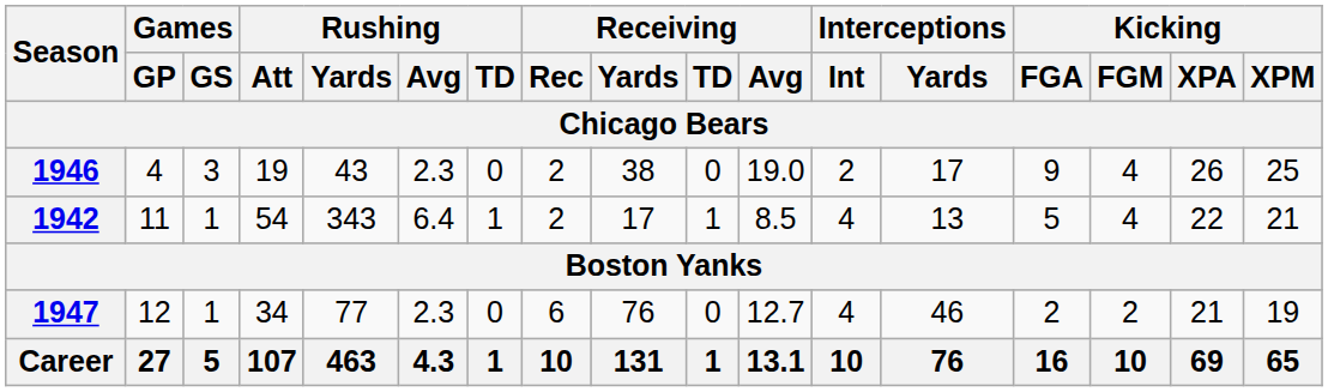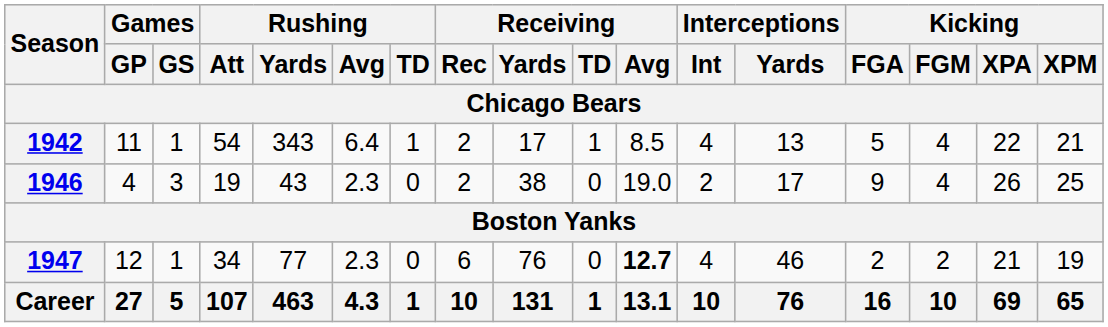 <table class="wikitable" style="text-align:center;">
 <tr>
 <th rowspan="2">Season</th>
 <th colspan="2">Games</th>
 <th colspan="4">Rushing</th>
 <th colspan="4">Receiving</th>
 <th colspan="2">Interceptions</th>
 <th colspan="4">Kicking</th>
 </tr>
 <tr>
 <th>GP</th>
 <th>GS</th>
 <th>Att</th>
 <th>Yards</th>
 <th>Avg</th>
 <th>TD</th>
 <th>Rec</th>
 <th>Yards</th>
 <th>TD</th>
 <th>Avg</th>
 <th>Int</th>
 <th>Yards</th>
 <th>FGA</th>
 <th>FGM</th>
 <th>XPA</th>
 <th>XPM</th>
 </tr>
 <tr>
 <th colspan="17">Chicago Bears</th>
 </tr>
 <tr>
+<th><a href='#'>1942</a></th>
+<td>11</td>
+<td>1</td>
+<td>54</td>
+<td>343</td>
+<td>6.4</td>
+<td>1</td>
+<td>2</td>
+<td>17</td>
+<td>1</td>
+<td>8.5</td>
+<td>4</td>
+<td>13</td>
+<td>5</td>
+<td>4</td>
+<td>22</td>
+<td>21</td>
+</tr>
+<tr>
 <th><a href='#'>1946</a></th>
 <td>4</td>
 <td>3</td>
 <td>19</td>
 <td>43</td>
 <td>2.3</td>
 <td>0</td>
 <td>2</td>
 <td>38</td>
 <td>0</td>
 <td>19.0</td>
 <td>2</td>
 <td>17</td>
 <td>9</td>
 <td>4</td>
 <td>26</td>
 <td>25</td>
 </tr>
 <tr>
-<th><a href='#'>1942</a></th>
-<td>11</td>
-<td>1</td>
-<td>54</td>
-<td>343</td>
-<td>6.4</td>
-<td>1</td>
-<td>2</td>
-<td>17</td>
-<td>1</td>
-<td>8.5</td>
-<td>4</td>
-<td>13</td>
-<td>5</td>
-<td>4</td>
-<td>22</td>
-<td>21</td>
-</tr>
-<tr>
 <th colspan="17">Boston Yanks</th>
 </tr>
 <tr>
 <th><a href='#'>1947</a></th>
 <td>12</td>
 <td>1</td>
 <td>34</td>
 <td>77</td>
 <td>2.3</td>
 <td>0</td>
 <td>6</td>
 <td>76</td>
 <td>0</td>
-<td>12.7</td>
+<td><strong>12.7</strong></td>
 <td>4</td>
 <td>46</td>
 <td>2</td>
 <td>2</td>
 <td>21</td>
 <td>19</td>
 </tr>
 <tr>
 <th>Career</th>
 <th>27</th>
 <th>5</th>
 <th>107</th>
 <th>463</th>
 <th>4.3</th>
 <th>1</th>
 <th>10</th>
 <th>131</th>
 <th>1</th>
 <th>13.1</th>
 <th>10</th>
 <th>76</th>
 <th>16</th>
 <th>10</th>
 <th>69</th>
 <th>65</th>
 </tr>
 </table>
